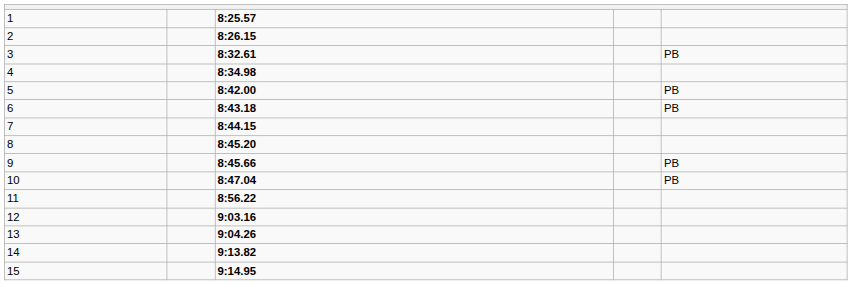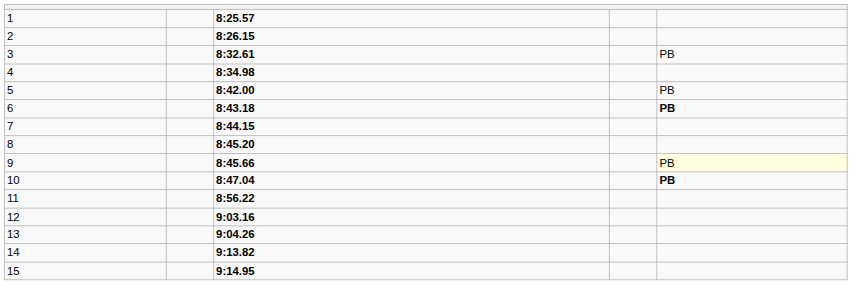 <table class="wikitable" width=75%>
 <tr>
 <th colspan="5"></th>
 </tr>
 <tr>
 <td>1</td>
 <td></td>
 <td><strong>8:25.57</strong></td>
 <td></td>
 <td></td>
 </tr>
 <tr>
 <td>2</td>
 <td></td>
 <td><strong>8:26.15</strong></td>
 <td></td>
 <td></td>
 </tr>
 <tr>
 <td>3</td>
 <td></td>
 <td><strong>8:32.61</strong></td>
 <td></td>
 <td>PB</td>
 </tr>
 <tr>
 <td>4</td>
 <td></td>
 <td><strong>8:34.98</strong></td>
 <td></td>
 <td></td>
 </tr>
 <tr>
 <td>5</td>
 <td></td>
 <td><strong>8:42.00</strong></td>
 <td></td>
 <td>PB</td>
 </tr>
 <tr>
 <td>6</td>
 <td></td>
 <td><strong>8:43.18</strong></td>
 <td></td>
-<td>PB</td>
+<td><strong>PB</strong></td>
 </tr>
 <tr>
 <td>7</td>
 <td></td>
 <td><strong>8:44.15</strong></td>
 <td></td>
 <td></td>
 </tr>
 <tr>
 <td>8</td>
 <td></td>
 <td><strong>8:45.20</strong></td>
 <td></td>
 <td></td>
 </tr>
 <tr>
 <td>9</td>
 <td></td>
 <td><strong>8:45.66</strong></td>
 <td></td>
-<td>PB</td>
+<td style="background: lightyellow;">PB</td>
 </tr>
 <tr>
 <td>10</td>
 <td></td>
 <td><strong>8:47.04</strong></td>
 <td></td>
-<td>PB</td>
+<td><strong>PB</strong></td>
 </tr>
 <tr>
 <td>11</td>
 <td></td>
 <td><strong>8:56.22</strong></td>
 <td></td>
 <td></td>
 </tr>
 <tr>
 <td>12</td>
 <td></td>
 <td><strong>9:03.16</strong></td>
 <td></td>
 <td></td>
 </tr>
 <tr>
 <td>13</td>
 <td></td>
 <td><strong>9:04.26</strong></td>
 <td></td>
 <td></td>
 </tr>
 <tr>
 <td>14</td>
 <td></td>
 <td><strong>9:13.82</strong></td>
 <td></td>
 <td></td>
 </tr>
 <tr>
 <td>15</td>
 <td></td>
 <td><strong>9:14.95</strong></td>
 <td></td>
 <td></td>
 </tr>
 </table>
